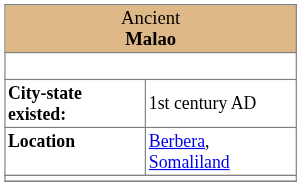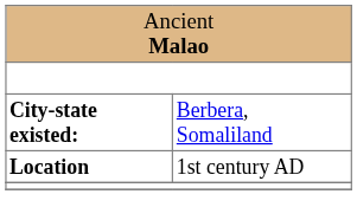 <table class="toccolours" border="1" cellpadding="2" cellspacing="2" style="float: right; margin: 0 0 1em 1em; width: 250px; border-collapse: collapse; font-size: 95%;">
 <tr>
 <td colspan="2" style="margin-left: inherit; background:#DEB887; text-align:center; font-size: medium;">Ancient<br><strong>Malao</strong></td>
 </tr>
 <tr>
 <td colspan="2"><div><br></div></td>
 </tr>
 <tr>
 <td><strong>City-state existed:</strong></td>
-<td>1st century AD</td>
+<td><a href='#'>Berbera</a>, <a href='#'>Somaliland</a></td>
 </tr>
 <tr style="vertical-align: top;">
 <td><strong>Location</strong></td>
-<td><a href='#'>Berbera</a>, <a href='#'>Somaliland</a></td>
+<td>1st century AD</td>
 </tr>
 <tr>
 </tr>
 <tr>
 <td colspan="2"></td>
 </tr>
 <tr>
 </tr>
 </table>
